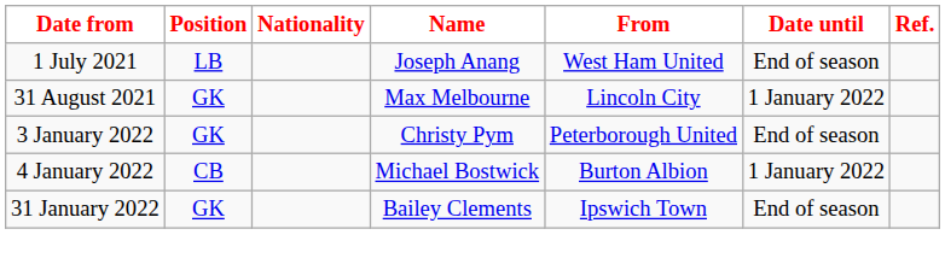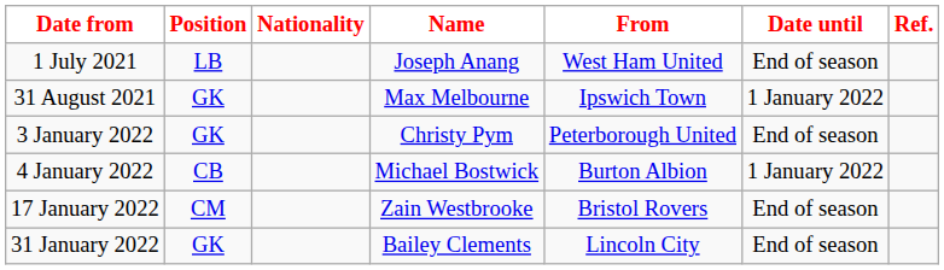 <table class="wikitable"  style="text-align:center; font-size:90%; ">
 <tr>
 <th style="background:white; color:red; ">Date from</th>
 <th style="background:white; color:red; ">Position</th>
 <th style="background:white; color:red; ">Nationality</th>
 <th style="background:white; color:red; ">Name</th>
 <th style="background:white; color:red; ">From</th>
 <th style="background:white; color:red; ">Date until</th>
 <th style="background:white; color:red; ">Ref.</th>
 </tr>
 <tr>
 <td>1 July 2021</td>
 <td><a href='#'>LB</a></td>
 <td></td>
 <td><a href='#'>Joseph Anang</a></td>
 <td> <a href='#'>West Ham United</a></td>
 <td>End of season</td>
 <td></td>
 </tr>
 <tr>
 <td>31 August 2021</td>
 <td><a href='#'>GK</a></td>
 <td></td>
 <td><a href='#'>Max Melbourne</a></td>
-<td> <a href='#'>Lincoln City</a></td>
+<td> <a href='#'>Ipswich Town</a></td>
 <td>1 January 2022</td>
 <td></td>
 </tr>
 <tr>
 <td>3 January 2022</td>
 <td><a href='#'>GK</a></td>
 <td></td>
 <td><a href='#'>Christy Pym</a></td>
 <td> <a href='#'>Peterborough United</a></td>
 <td>End of season</td>
 <td></td>
 </tr>
 <tr>
 <td>4 January 2022</td>
 <td><a href='#'>CB</a></td>
 <td></td>
 <td><a href='#'>Michael Bostwick</a></td>
 <td> <a href='#'>Burton Albion</a></td>
 <td>1 January 2022</td>
 <td></td>
 </tr>
 <tr>
+<td>17 January 2022</td>
+<td><a href='#'>CM</a></td>
+<td></td>
+<td><a href='#'>Zain Westbrooke</a></td>
+<td> <a href='#'>Bristol Rovers</a></td>
+<td>End of season</td>
+<td></td>
+</tr>
+<tr>
 <td>31 January 2022</td>
 <td><a href='#'>GK</a></td>
 <td></td>
 <td><a href='#'>Bailey Clements</a></td>
-<td> <a href='#'>Ipswich Town</a></td>
+<td> <a href='#'>Lincoln City</a></td>
 <td>End of season</td>
 <td></td>
 </tr>
 </table>
